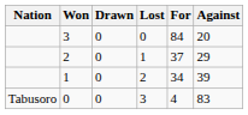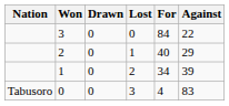 <table class="wikitable">
 <tr>
 <th>Nation</th>
 <th>Won</th>
 <th>Drawn</th>
 <th>Lost</th>
 <th>For</th>
 <th>Against</th>
 </tr>
 <tr>
 <td></td>
 <td>3</td>
 <td>0</td>
 <td>0</td>
 <td>84</td>
-<td>20</td>
+<td>22</td>
 </tr>
 <tr>
 <td></td>
 <td>2</td>
 <td>0</td>
 <td>1</td>
-<td>37</td>
+<td>40</td>
 <td>29</td>
 </tr>
 <tr>
 <td></td>
 <td>1</td>
 <td>0</td>
 <td>2</td>
 <td>34</td>
 <td>39</td>
 </tr>
 <tr>
 <td>Tabusoro</td>
 <td>0</td>
 <td>0</td>
 <td>3</td>
 <td>4</td>
 <td>83</td>
 </tr>
 </table>
